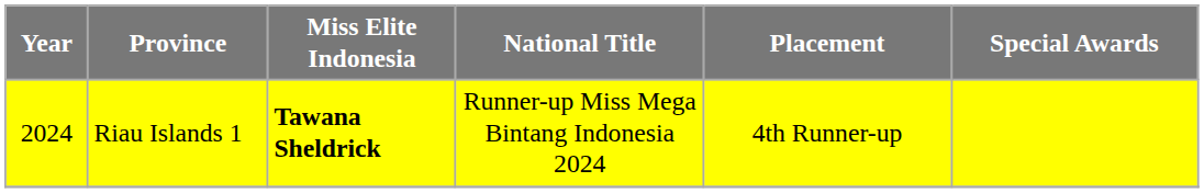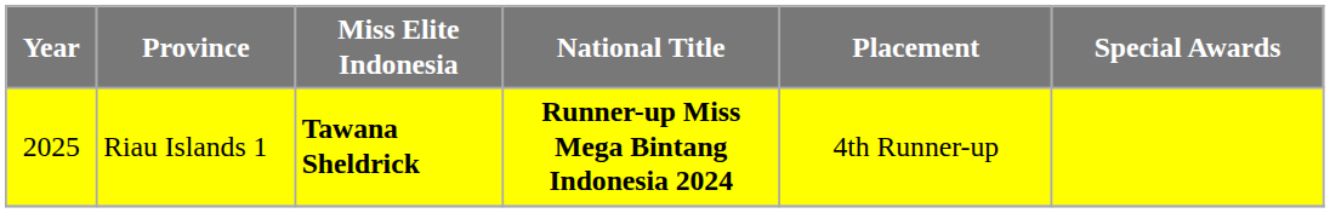 <table class="wikitable sortable" style="font-size: 83%; text-align:center">
 <tr>
 <th width="60" style="background-color:#787878;color:#FFFFFF;">Year</th>
 <th width="180" style="background-color:#787878;color:#FFFFFF;">Province</th>
 <th width="180" style="background-color:#787878;color:#FFFFFF;">Miss Elite Indonesia</th>
 <th width="300" style="background-color:#787878;color:#FFFFFF;">National Title</th>
 <th width="280" style="background-color:#787878;color:#FFFFFF;">Placement</th>
 <th width="320" style="background-color:#787878;color:#FFFFFF;">Special Awards</th>
 </tr>
 <tr style="background-color:#FFFF00">
-<td>2024</td>
+<td>2025</td>
 <td align="left">Riau Islands 1</td>
 <td align="left"><strong>Tawana Sheldrick</strong></td>
-<td>Runner-up Miss Mega Bintang Indonesia 2024</td>
+<td><strong>Runner-up Miss Mega Bintang Indonesia 2024</strong></td>
 <td>4th Runner-up</td>
 <td></td>
 </tr>
 <tr>
 </tr>
 </table>
